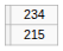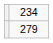 <table class="wikitable">
 <tr>
 <th></th>
 <td style="padding-left: 1em; padding-right: 1em">234</td>
 </tr>
 <tr>
 <th></th>
-<td style="padding-left: 1em; padding-right: 1em">215</td>
+<td style="padding-left: 1em; padding-right: 1em">279</td>
 </tr>
 </table>
